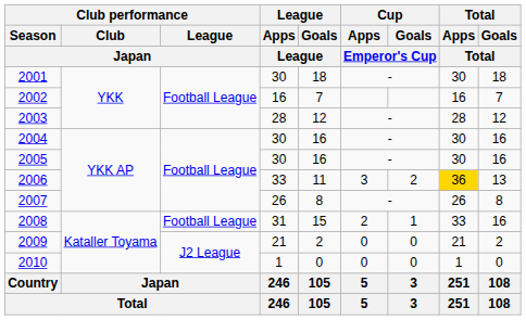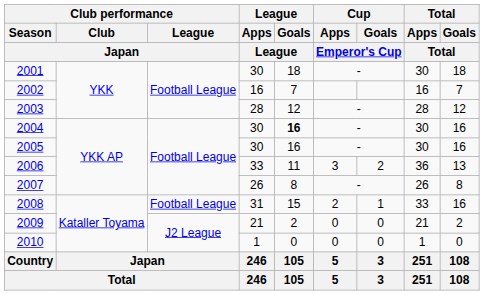 <table class="wikitable" style="text-align:center;">
 <tr>
 <th colspan=3>Club performance</th>
 <th colspan=2>League</th>
 <th colspan=2>Cup</th>
 <th colspan=2>Total</th>
 </tr>
 <tr>
 <th>Season</th>
 <th>Club</th>
 <th>League</th>
 <th>Apps</th>
 <th>Goals</th>
 <th>Apps</th>
 <th>Goals</th>
 <th>Apps</th>
 <th>Goals</th>
 </tr>
 <tr>
 <th colspan=3>Japan</th>
 <th colspan=2>League</th>
 <th colspan=2><a href='#'>Emperor's Cup</a></th>
 <th colspan=2>Total</th>
 </tr>
 <tr>
 <td><a href='#'>2001</a></td>
 <td rowspan="3"><a href='#'>YKK</a></td>
 <td rowspan="3"><a href='#'>Football League</a></td>
 <td>30</td>
 <td>18</td>
 <td colspan="2">-</td>
 <td>30</td>
 <td>18</td>
 </tr>
 <tr>
 <td><a href='#'>2002</a></td>
 <td>16</td>
 <td>7</td>
 <td></td>
 <td></td>
 <td>16</td>
 <td>7</td>
 </tr>
 <tr>
 <td><a href='#'>2003</a></td>
 <td>28</td>
 <td>12</td>
 <td colspan="2">-</td>
 <td>28</td>
 <td>12</td>
 </tr>
 <tr>
 <td><a href='#'>2004</a></td>
 <td rowspan="4"><a href='#'>YKK AP</a></td>
 <td rowspan="4"><a href='#'>Football League</a></td>
 <td>30</td>
-<td>16</td>
+<td><strong>16</strong></td>
 <td colspan="2">-</td>
 <td>30</td>
 <td>16</td>
 </tr>
 <tr>
 <td><a href='#'>2005</a></td>
 <td>30</td>
 <td>16</td>
 <td colspan="2">-</td>
 <td>30</td>
 <td>16</td>
 </tr>
 <tr>
 <td><a href='#'>2006</a></td>
 <td>33</td>
 <td>11</td>
 <td>3</td>
 <td>2</td>
-<td style="background: gold;">36</td>
+<td>36</td>
 <td>13</td>
 </tr>
 <tr>
 <td><a href='#'>2007</a></td>
 <td>26</td>
 <td>8</td>
 <td colspan="2">-</td>
 <td>26</td>
 <td>8</td>
 </tr>
 <tr>
 <td><a href='#'>2008</a></td>
 <td rowspan="3"><a href='#'>Kataller Toyama</a></td>
 <td><a href='#'>Football League</a></td>
 <td>31</td>
 <td>15</td>
 <td>2</td>
 <td>1</td>
 <td>33</td>
 <td>16</td>
 </tr>
 <tr>
 <td><a href='#'>2009</a></td>
 <td rowspan="2"><a href='#'>J2 League</a></td>
 <td>21</td>
 <td>2</td>
 <td>0</td>
 <td>0</td>
 <td>21</td>
 <td>2</td>
 </tr>
 <tr>
 <td><a href='#'>2010</a></td>
 <td>1</td>
 <td>0</td>
 <td>0</td>
 <td>0</td>
 <td>1</td>
 <td>0</td>
 </tr>
 <tr>
 <th rowspan=1>Country</th>
 <th colspan=2>Japan</th>
 <th>246</th>
 <th>105</th>
 <th>5</th>
 <th>3</th>
 <th>251</th>
 <th>108</th>
 </tr>
 <tr>
 <th colspan=3>Total</th>
 <th>246</th>
 <th>105</th>
 <th>5</th>
 <th>3</th>
 <th>251</th>
 <th>108</th>
 </tr>
 </table>
